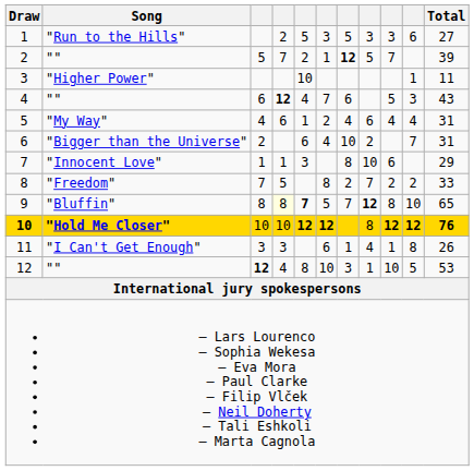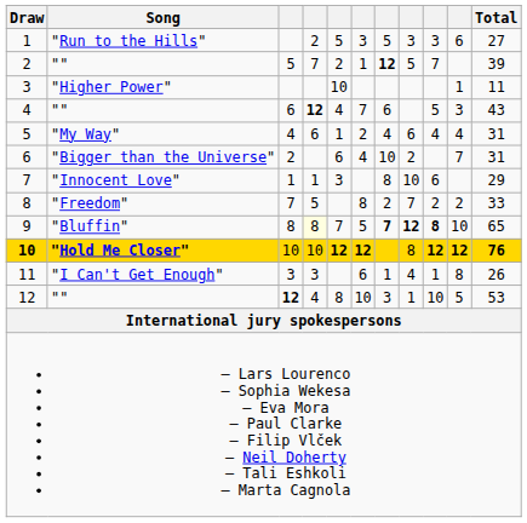 <table class="sortable wikitable" style="margin: 1em auto 1em auto; text-align:center;">
 <tr>
 <th>Draw</th>
 <th>Song</th>
 <th></th>
 <th></th>
 <th></th>
 <th></th>
 <th></th>
 <th></th>
 <th></th>
 <th></th>
 <th>Total</th>
 </tr>
 <tr>
 <td>1</td>
 <td align="left">"<a href='#'>Run to the Hills</a>"</td>
 <td></td>
 <td>2</td>
 <td>5</td>
 <td>3</td>
 <td>5</td>
 <td>3</td>
 <td>3</td>
 <td>6</td>
 <td>27</td>
 </tr>
 <tr>
 <td>2</td>
 <td align="left">""</td>
 <td>5</td>
 <td>7</td>
 <td>2</td>
 <td>1</td>
 <td><strong>12</strong></td>
 <td>5</td>
 <td>7</td>
 <td></td>
 <td>39</td>
 </tr>
 <tr>
 <td>3</td>
 <td align="left">"<a href='#'>Higher Power</a>"</td>
 <td></td>
 <td></td>
 <td>10</td>
 <td></td>
 <td></td>
 <td></td>
 <td></td>
 <td>1</td>
 <td>11</td>
 </tr>
 <tr>
 <td>4</td>
 <td align="left">""</td>
 <td>6</td>
 <td><strong>12</strong></td>
 <td>4</td>
 <td>7</td>
 <td>6</td>
 <td></td>
 <td>5</td>
 <td>3</td>
 <td>43</td>
 </tr>
 <tr>
 <td>5</td>
 <td align="left">"<a href='#'>My Way</a>"</td>
 <td>4</td>
 <td>6</td>
 <td>1</td>
 <td>2</td>
 <td>4</td>
 <td>6</td>
 <td>4</td>
 <td>4</td>
 <td>31</td>
 </tr>
 <tr>
 <td>6</td>
 <td align="left">"<a href='#'>Bigger than the Universe</a>"</td>
 <td>2</td>
 <td></td>
 <td>6</td>
 <td>4</td>
 <td>10</td>
 <td>2</td>
 <td></td>
 <td>7</td>
 <td>31</td>
 </tr>
 <tr>
 <td>7</td>
 <td align="left">"<a href='#'>Innocent Love</a>"</td>
 <td>1</td>
 <td>1</td>
 <td>3</td>
 <td></td>
 <td>8</td>
 <td>10</td>
 <td>6</td>
 <td></td>
 <td>29</td>
 </tr>
 <tr>
 <td>8</td>
 <td align="left">"<a href='#'>Freedom</a>"</td>
 <td>7</td>
 <td>5</td>
 <td></td>
 <td>8</td>
 <td>2</td>
 <td>7</td>
 <td>2</td>
 <td>2</td>
 <td>33</td>
 </tr>
 <tr>
 <td>9</td>
 <td align="left">"<a href='#'>Bluffin</a>"</td>
 <td>8</td>
 <td style="background: lightyellow;">8</td>
+<td>7</td>
+<td>5</td>
 <td><strong>7</strong></td>
-<td>5</td>
-<td>7</td>
 <td><strong>12</strong></td>
-<td>8</td>
+<td><strong>8</strong></td>
 <td>10</td>
 <td>65</td>
 </tr>
 <tr style="background:gold;">
 <td><strong>10</strong></td>
 <td align="left"><strong>"<a href='#'>Hold Me Closer</a>"</strong></td>
 <td>10</td>
 <td>10</td>
 <td><strong>12</strong></td>
 <td><strong>12</strong></td>
 <td></td>
 <td>8</td>
 <td><strong>12</strong></td>
 <td><strong>12</strong></td>
 <td><strong>76</strong></td>
 </tr>
 <tr>
 <td>11</td>
 <td align="left">"<a href='#'>I Can't Get Enough</a>"</td>
 <td>3</td>
 <td>3</td>
 <td></td>
 <td>6</td>
 <td>1</td>
 <td>4</td>
 <td>1</td>
 <td>8</td>
 <td>26</td>
 </tr>
 <tr>
 <td>12</td>
 <td align="left">""</td>
 <td><strong>12</strong></td>
 <td>4</td>
 <td>8</td>
 <td>10</td>
 <td>3</td>
 <td>1</td>
 <td>10</td>
 <td>5</td>
 <td>53</td>
 </tr>
 <tr class="sortbottom">
 <th colspan="11">International jury spokespersons</th>
 </tr>
 <tr class="sortbottom">
 <td colspan="11"><br><ul><li> – Lars Lourenco</li><li> – Sophia Wekesa</li><li> – Eva Mora</li><li> – Paul Clarke</li><li> – Filip Vlček</li><li> – <a href='#'>Neil Doherty</a></li><li> – Tali Eshkoli</li><li> – Marta Cagnola</li></ul></td>
 </tr>
 </table>
